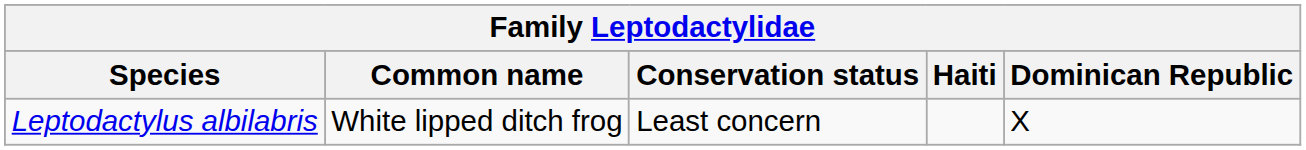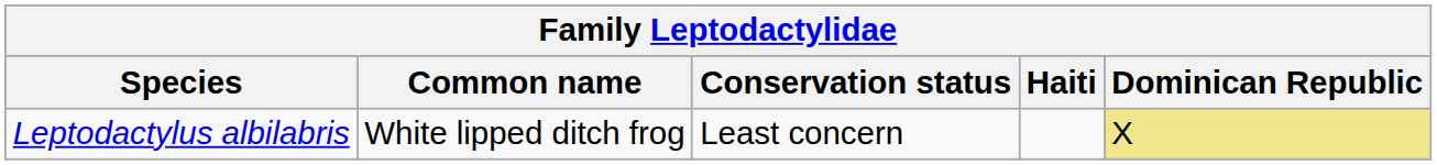 <table class="wikitable sortable mw-collapsible">
 <tr>
 <th colspan="5">Family <a href='#'>Leptodactylidae</a></th>
 </tr>
 <tr>
 <th>Species</th>
 <th>Common name</th>
 <th>Conservation status</th>
 <th>Haiti</th>
 <th>Dominican Republic</th>
 </tr>
 <tr>
 <td><em><a href='#'>Leptodactylus albilabris</a></em></td>
 <td>White lipped ditch frog</td>
 <td>Least concern</td>
 <td></td>
-<td>X</td>
+<td style="background: khaki;">X</td>
 </tr>
 </table>
